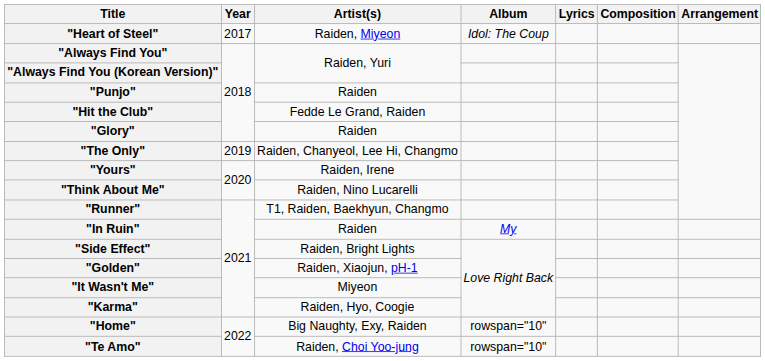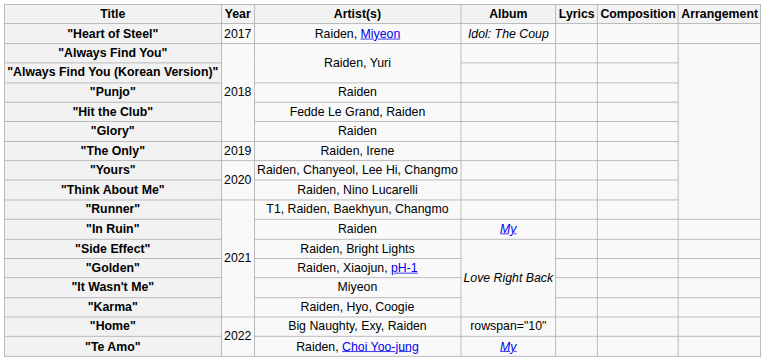 <table class="wikitable sortable plainrowheaders" style="text-align:center">
 <tr>
 <th scope="col">Title</th>
 <th scope="col">Year</th>
 <th scope="col">Artist(s)</th>
 <th scope="col">Album</th>
 <th scope="col">Lyrics</th>
 <th scope="col">Composition</th>
 <th scope="col">Arrangement</th>
 </tr>
 <tr>
 <th scope="row">"Heart of Steel"</th>
 <td>2017</td>
 <td>Raiden, <a href='#'>Miyeon</a></td>
 <td><em>Idol: The Coup</em></td>
 <td></td>
 <td></td>
 <td></td>
 </tr>
 <tr>
 <th scope="row">"Always Find You"</th>
 <td rowspan="5">2018</td>
 <td rowspan="2">Raiden, Yuri</td>
 <td></td>
 <td></td>
 <td></td>
 </tr>
 <tr>
 <th scope="row">"Always Find You (Korean Version)"</th>
 <td></td>
 <td></td>
 <td></td>
 </tr>
 <tr>
 <th scope="row">"Punjo"</th>
 <td>Raiden</td>
 <td></td>
 <td></td>
 <td></td>
 </tr>
 <tr>
 <th scope="row">"Hit the Club"</th>
 <td>Fedde Le Grand, Raiden</td>
 <td></td>
 <td></td>
 <td></td>
 </tr>
 <tr>
 <th scope="row">"Glory"</th>
 <td>Raiden</td>
 <td></td>
 <td></td>
 <td></td>
 </tr>
 <tr>
 <th scope="row">"The Only"</th>
 <td>2019</td>
-<td>Raiden, Chanyeol, Lee Hi, Changmo</td>
+<td>Raiden, Irene</td>
 <td></td>
 <td></td>
 <td></td>
 </tr>
 <tr>
 <th scope="row">"Yours"</th>
 <td rowspan="2">2020</td>
-<td>Raiden, Irene</td>
+<td>Raiden, Chanyeol, Lee Hi, Changmo</td>
 <td></td>
 <td></td>
 <td></td>
 </tr>
 <tr>
 <th scope="row">"Think About Me"</th>
 <td>Raiden, Nino Lucarelli</td>
 <td></td>
 <td></td>
 <td></td>
 </tr>
 <tr>
 <th scope="row">"Runner"</th>
 <td rowspan="6">2021</td>
 <td>T1, Raiden, Baekhyun, Changmo</td>
 <td></td>
 <td></td>
 <td></td>
 </tr>
 <tr>
 <th scope="row">"In Ruin"</th>
 <td>Raiden</td>
 <td><em><a href='#'>My</a></em></td>
 <td></td>
 <td></td>
 <td></td>
 </tr>
 <tr>
 <th scope="row">"Side Effect"</th>
 <td>Raiden, Bright Lights</td>
 <td rowspan="4"><em>Love Right Back</em></td>
 <td></td>
 <td></td>
 <td></td>
 </tr>
 <tr>
 <th scope="row">"Golden"</th>
 <td>Raiden, Xiaojun, <a href='#'>pH-1</a></td>
 <td></td>
 <td></td>
 <td></td>
 </tr>
 <tr>
 <th scope="row">"It Wasn't Me"</th>
 <td>Miyeon</td>
 <td></td>
 <td></td>
 <td></td>
 </tr>
 <tr>
 <th scope="row">"Karma"</th>
 <td>Raiden, Hyo, Coogie</td>
 <td></td>
 <td></td>
 <td></td>
 </tr>
 <tr>
 <th scope="row">"Home"</th>
 <td rowspan="6">2022</td>
 <td>Big Naughty, Exy, Raiden</td>
 <td>rowspan="10" </td>
 <td></td>
 <td></td>
 <td></td>
 </tr>
 <tr>
 <th scope="row">"Te Amo"</th>
 <td>Raiden, <a href='#'>Choi Yoo-jung</a></td>
-<td>rowspan="10" </td>
+<td><em><a href='#'>My</a></em></td>
 <td></td>
 <td></td>
 <td></td>
 </tr>
 </table>
